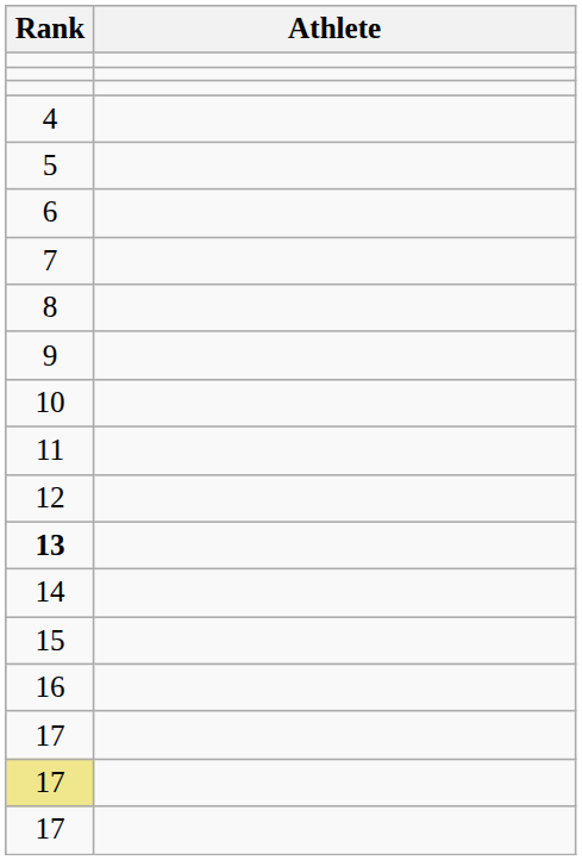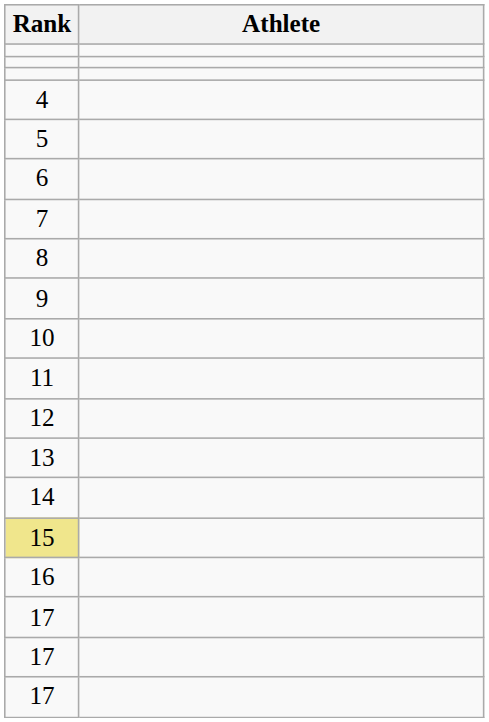 <table class="wikitable" style="text-align: center;">
 <tr>
 <th width=40>Rank</th>
 <th width=250>Athlete</th>
 </tr>
 <tr>
 <td></td>
 <td align="left"></td>
 </tr>
 <tr>
 <td></td>
 <td align="left"></td>
 </tr>
 <tr>
 <td></td>
 <td align="left"></td>
 </tr>
 <tr>
 <td>4</td>
 <td align="left"></td>
 </tr>
 <tr>
 <td>5</td>
 <td align="left"></td>
 </tr>
 <tr>
 <td>6</td>
 <td align="left"></td>
 </tr>
 <tr>
 <td>7</td>
 <td align="left"></td>
 </tr>
 <tr>
 <td>8</td>
 <td align="left"></td>
 </tr>
 <tr>
 <td>9</td>
 <td align="left"></td>
 </tr>
 <tr>
 <td>10</td>
 <td align="left"></td>
 </tr>
 <tr>
 <td>11</td>
 <td align="left"></td>
 </tr>
 <tr>
 <td>12</td>
 <td align="left"></td>
 </tr>
 <tr>
-<td><strong>13</strong></td>
+<td>13</td>
 <td align="left"></td>
 </tr>
 <tr>
 <td>14</td>
 <td align="left"></td>
 </tr>
 <tr>
-<td>15</td>
+<td style="background: khaki;">15</td>
 <td align="left"></td>
 </tr>
 <tr>
 <td>16</td>
 <td align="left"></td>
 </tr>
 <tr>
 <td>17</td>
 <td align="left"></td>
 </tr>
 <tr>
-<td style="background: khaki;">17</td>
+<td>17</td>
 <td align="left"></td>
 </tr>
 <tr>
 <td>17</td>
 <td align="left"></td>
 </tr>
 </table>
